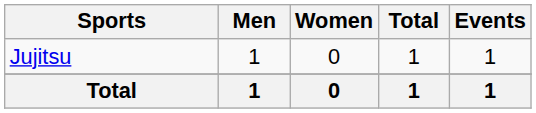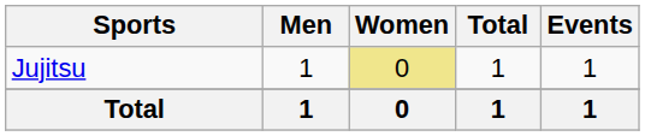 <table class="wikitable sortable" style="text-align:center;">
 <tr>
 <th width="150">Sports</th>
 <th width="45">Men</th>
 <th width="45">Women</th>
 <th width="45">Total</th>
 <th width="45">Events</th>
 </tr>
 <tr>
 <td align="left"><a href='#'>Jujitsu</a></td>
 <td>1</td>
-<td>0</td>
+<td style="background: khaki;">0</td>
 <td>1</td>
 <td>1</td>
 </tr>
 <tr>
 </tr>
 <tr class="sortbottom">
 <th>Total</th>
 <th>1</th>
 <th>0</th>
 <th>1</th>
 <th>1</th>
 </tr>
 </table>
